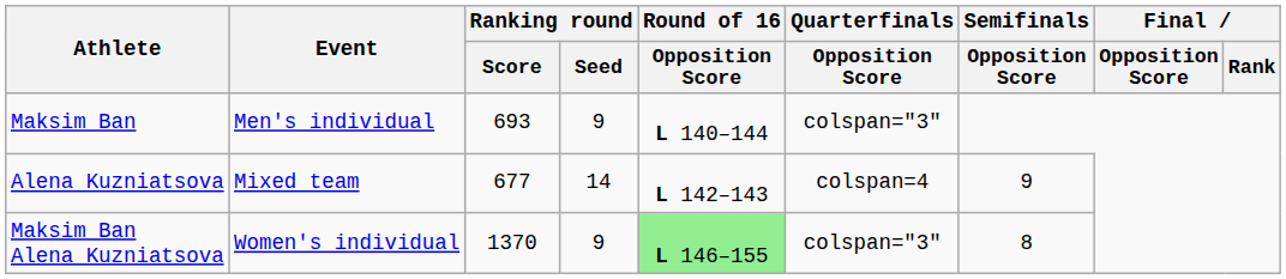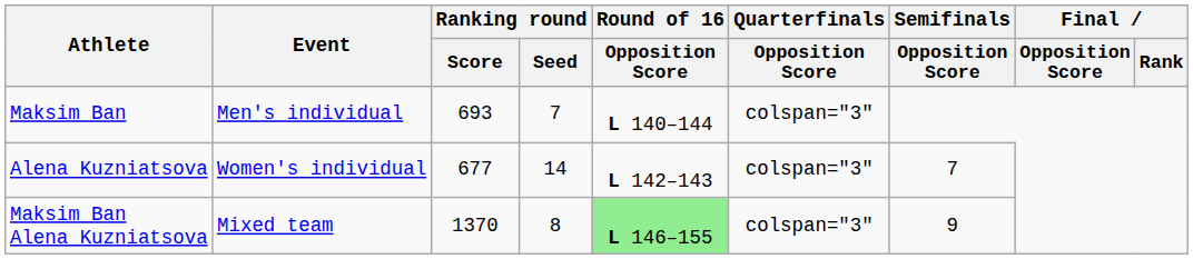 <table class="wikitable" style="text-align:center; font-size:90%">
 <tr>
 <th rowspan="2">Athlete</th>
 <th rowspan="2">Event</th>
 <th colspan="2">Ranking round</th>
 <th>Round of 16</th>
 <th>Quarterfinals</th>
 <th>Semifinals</th>
 <th colspan="2">Final / </th>
 </tr>
 <tr style="font-size:95%">
 <th>Score</th>
 <th>Seed</th>
 <th>Opposition<br>Score</th>
 <th>Opposition<br>Score</th>
 <th>Opposition<br>Score</th>
 <th>Opposition<br>Score</th>
 <th>Rank</th>
 </tr>
 <tr>
 <td align="left"><a href='#'>Maksim Ban</a></td>
 <td align="left"><a href='#'>Men's individual</a></td>
 <td>693</td>
-<td>9</td>
+<td>7</td>
 <td><br> <strong>L</strong> 140–144</td>
 <td>colspan="3" </td>
 </tr>
 <tr>
 <td align="left"><a href='#'>Alena Kuzniatsova</a></td>
-<td align="left"><a href='#'>Mixed team</a></td>
+<td align="left"><a href='#'>Women's individual</a></td>
 <td>677</td>
 <td>14</td>
 <td><br><strong>L</strong> 142–143</td>
-<td>colspan=4 </td>
-<td>9</td>
+<td>colspan="3" </td>
+<td>7</td>
 </tr>
 <tr>
 <td align="left"><a href='#'>Maksim Ban</a><br><a href='#'>Alena Kuzniatsova</a></td>
-<td align="left"><a href='#'>Women's individual</a></td>
+<td align="left"><a href='#'>Mixed team</a></td>
 <td>1370</td>
-<td>9</td>
+<td>8</td>
 <td style="background: lightgreen;"><br><strong>L</strong> 146–155</td>
 <td>colspan="3" </td>
-<td>8</td>
+<td>9</td>
 </tr>
 </table>
